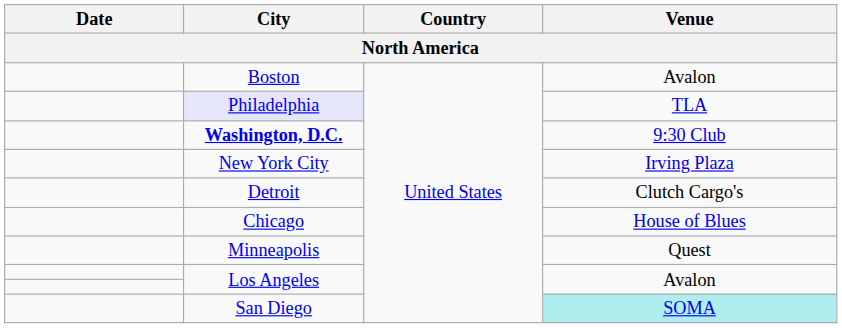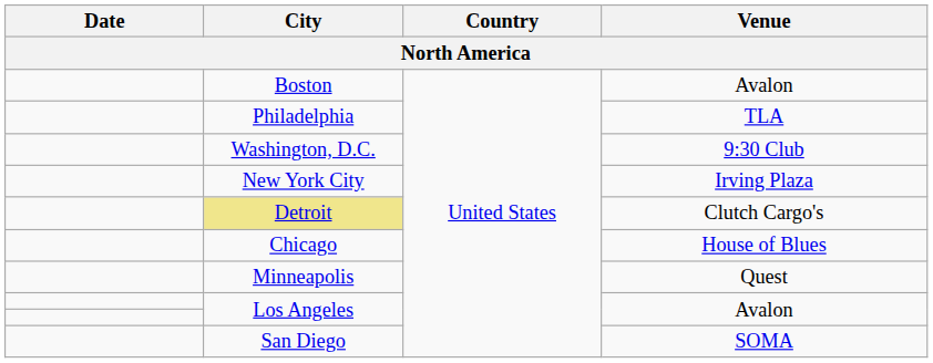 <table class="wikitable" style="text-align:center;">
 <tr>
 <th width="150">Date</th>
 <th width="150">City</th>
 <th width="150">Country</th>
 <th width="250">Venue</th>
 </tr>
 <tr>
 <th colspan="4">North America</th>
 </tr>
 <tr>
 <td></td>
 <td><a href='#'>Boston</a></td>
 <td rowspan="10"><a href='#'>United States</a></td>
 <td>Avalon</td>
 </tr>
 <tr>
 <td></td>
-<td style="background: lavender;"><a href='#'>Philadelphia</a></td>
+<td><a href='#'>Philadelphia</a></td>
 <td><a href='#'>TLA</a></td>
 </tr>
 <tr>
 <td></td>
-<td><strong><a href='#'>Washington, D.C.</a></strong></td>
+<td><a href='#'>Washington, D.C.</a></td>
 <td><a href='#'>9:30 Club</a></td>
 </tr>
 <tr>
 <td></td>
 <td><a href='#'>New York City</a></td>
 <td><a href='#'>Irving Plaza</a></td>
 </tr>
 <tr>
 <td></td>
-<td><a href='#'>Detroit</a></td>
+<td style="background: khaki;"><a href='#'>Detroit</a></td>
 <td>Clutch Cargo's</td>
 </tr>
 <tr>
 <td></td>
 <td><a href='#'>Chicago</a></td>
 <td><a href='#'>House of Blues</a></td>
 </tr>
 <tr>
 <td></td>
 <td><a href='#'>Minneapolis</a></td>
 <td>Quest</td>
 </tr>
 <tr>
 <td></td>
 <td rowspan="2"><a href='#'>Los Angeles</a></td>
 <td rowspan="2">Avalon</td>
 </tr>
 <tr>
 <td></td>
 </tr>
 <tr>
 <td></td>
 <td><a href='#'>San Diego</a></td>
-<td style="background: paleturquoise;"><a href='#'>SOMA</a></td>
+<td><a href='#'>SOMA</a></td>
 </tr>
 </table>
